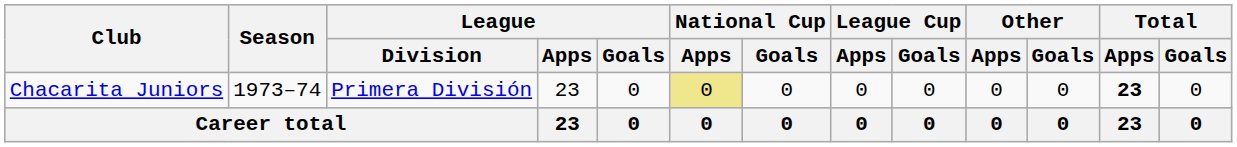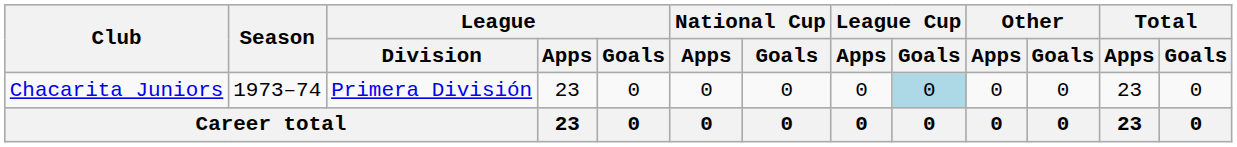 <table class="wikitable" style="text-align: center">
 <tr>
 <th rowspan="2">Club</th>
 <th rowspan="2">Season</th>
 <th colspan="3">League</th>
 <th colspan="2">National Cup</th>
 <th colspan="2">League Cup</th>
 <th colspan="2">Other</th>
 <th colspan="2">Total</th>
 </tr>
 <tr>
 <th>Division</th>
 <th>Apps</th>
 <th>Goals</th>
 <th>Apps</th>
 <th>Goals</th>
 <th>Apps</th>
 <th>Goals</th>
 <th>Apps</th>
 <th>Goals</th>
 <th>Apps</th>
 <th>Goals</th>
 </tr>
 <tr>
 <td><a href='#'>Chacarita Juniors</a></td>
 <td>1973–74</td>
 <td><a href='#'>Primera División</a></td>
 <td>23</td>
 <td>0</td>
-<td style="background: khaki;">0</td>
 <td>0</td>
 <td>0</td>
 <td>0</td>
+<td style="background: lightblue;">0</td>
 <td>0</td>
 <td>0</td>
-<td><strong>23</strong></td>
+<td>23</td>
 <td>0</td>
 </tr>
 <tr>
 <th colspan="3"><strong>Career total</strong></th>
 <th>23</th>
 <th>0</th>
 <th>0</th>
 <th>0</th>
 <th>0</th>
 <th>0</th>
 <th>0</th>
 <th>0</th>
 <th>23</th>
 <th>0</th>
 </tr>
 </table>
